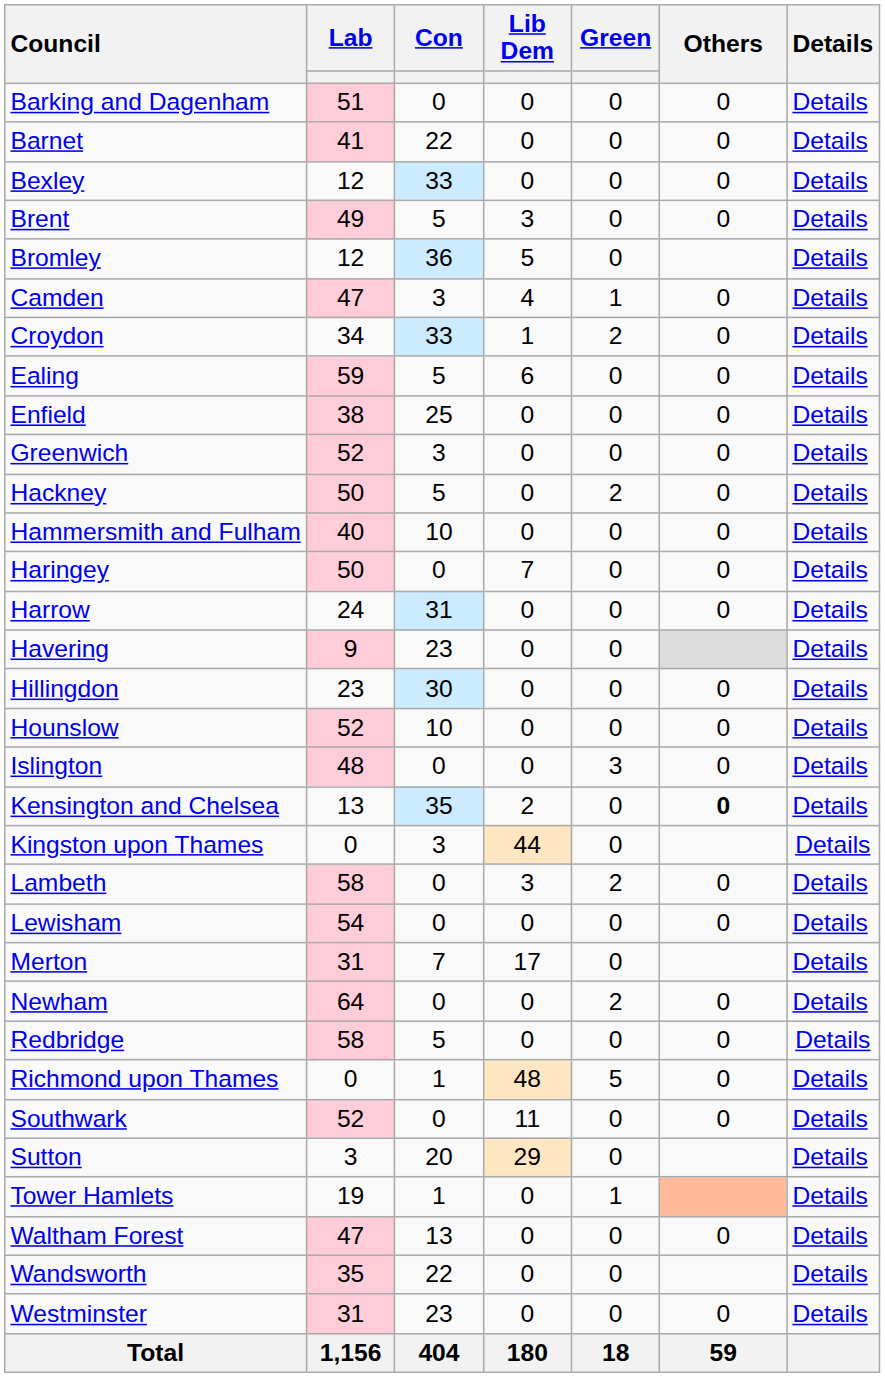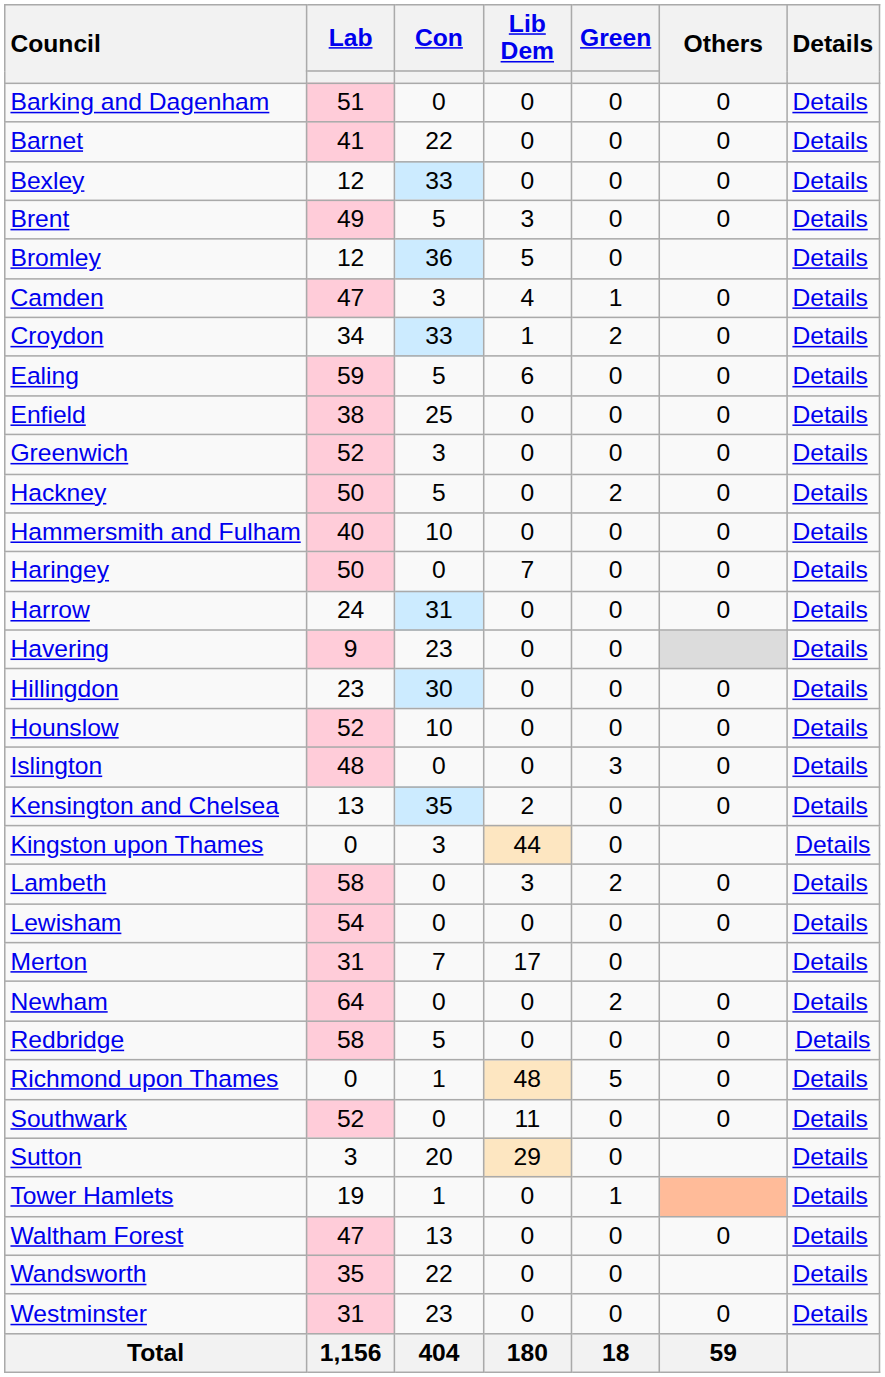 <table class="wikitable sortable" style="text-align:center;">
 <tr>
 <th rowspan="2" style="text-align:left;">Council</th>
 <th class="unsortable" style="width:50px;"><a href='#'>Lab</a></th>
 <th class="unsortable" style="width:50px;"><a href='#'>Con</a></th>
 <th class="unsortable" style="width:50px;"><a href='#'>Lib Dem</a></th>
 <th class="unsortable" style="width:50px;"><a href='#'>Green</a></th>
 <th rowspan="2" class="unsortable" style="width:75px;">Others</th>
 <th rowspan="2" style="text-align:left;">Details</th>
 </tr>
 <tr>
 <th data-sort-type="number" style="background:"></th>
 <th data-sort-type="number" style="background:"></th>
 <th data-sort-type="number" style="background:"></th>
 <th data-sort-type="number" style="background:"></th>
 </tr>
 <tr>
 <td style="text-align:left;"><a href='#'>Barking and Dagenham</a></td>
 <td style = "background:#FFCCD9;">51</td>
 <td>0</td>
 <td>0</td>
 <td>0</td>
 <td>0</td>
 <td style="text-align:left;"><a href='#'>Details</a></td>
 </tr>
 <tr>
 <td style="text-align:left;"><a href='#'>Barnet</a></td>
 <td style = "background:#FFCCD9;">41</td>
 <td>22</td>
 <td>0</td>
 <td>0</td>
 <td>0</td>
 <td style="text-align:left;"><a href='#'>Details</a></td>
 </tr>
 <tr>
 <td style="text-align:left;"><a href='#'>Bexley</a></td>
 <td>12</td>
 <td style = "background:#CCEBFF;">33</td>
 <td>0</td>
 <td>0</td>
 <td>0</td>
 <td style="text-align:left;"><a href='#'>Details</a></td>
 </tr>
 <tr>
 <td style="text-align:left;"><a href='#'>Brent</a></td>
 <td style = "background:#FFCCD9;">49</td>
 <td>5</td>
 <td>3</td>
 <td>0</td>
 <td>0</td>
 <td style="text-align:left;"><a href='#'>Details</a></td>
 </tr>
 <tr>
 <td style="text-align:left;"><a href='#'>Bromley</a></td>
 <td>12</td>
 <td style = "background:#CCEBFF;">36</td>
 <td>5</td>
 <td>0</td>
 <td></td>
 <td style="text-align:left;"><a href='#'>Details</a></td>
 </tr>
 <tr>
 <td style="text-align:left;"><a href='#'>Camden</a></td>
 <td style = "background:#FFCCD9;">47</td>
 <td>3</td>
 <td>4</td>
 <td>1</td>
 <td>0</td>
 <td style="text-align:left;"><a href='#'>Details</a></td>
 </tr>
 <tr>
 <td style="text-align:left;"><a href='#'>Croydon</a></td>
 <td>34</td>
 <td style = "background:#CCEBFF;">33</td>
 <td>1</td>
 <td>2</td>
 <td>0</td>
 <td style="text-align:left;"><a href='#'>Details</a></td>
 </tr>
 <tr>
 <td style="text-align:left;"><a href='#'>Ealing</a></td>
 <td style = "background:#FFCCD9;">59</td>
 <td>5</td>
 <td>6</td>
 <td>0</td>
 <td>0</td>
 <td style="text-align:left;"><a href='#'>Details</a></td>
 </tr>
 <tr>
 <td style="text-align:left;"><a href='#'>Enfield</a></td>
 <td style = "background:#FFCCD9;">38</td>
 <td>25</td>
 <td>0</td>
 <td>0</td>
 <td>0</td>
 <td style="text-align:left;"><a href='#'>Details</a></td>
 </tr>
 <tr>
 <td style="text-align:left;"><a href='#'>Greenwich</a></td>
 <td style = "background:#FFCCD9;">52</td>
 <td>3</td>
 <td>0</td>
 <td>0</td>
 <td>0</td>
 <td style="text-align:left;"><a href='#'>Details</a></td>
 </tr>
 <tr>
 <td style="text-align:left;"><a href='#'>Hackney</a></td>
 <td style = "background:#FFCCD9;">50</td>
 <td>5</td>
 <td>0</td>
 <td>2</td>
 <td>0</td>
 <td style="text-align:left;"><a href='#'>Details</a></td>
 </tr>
 <tr>
 <td style="text-align:left;"><a href='#'>Hammersmith and Fulham</a></td>
 <td style = "background:#FFCCD9;">40</td>
 <td>10</td>
 <td>0</td>
 <td>0</td>
 <td>0</td>
 <td style="text-align:left;"><a href='#'>Details</a></td>
 </tr>
 <tr>
 <td style="text-align:left;"><a href='#'>Haringey</a></td>
 <td style = "background:#FFCCD9;">50</td>
 <td>0</td>
 <td>7</td>
 <td>0</td>
 <td>0</td>
 <td style="text-align:left;"><a href='#'>Details</a></td>
 </tr>
 <tr>
 <td style="text-align:left;"><a href='#'>Harrow</a></td>
 <td>24</td>
 <td style = "background:#CCEBFF;">31</td>
 <td>0</td>
 <td>0</td>
 <td>0</td>
 <td style="text-align:left;"><a href='#'>Details</a></td>
 </tr>
 <tr>
 <td style="text-align:left;"><a href='#'>Havering</a></td>
 <td style = "background:#FFCCD9;">9</td>
 <td>23</td>
 <td>0</td>
 <td>0</td>
 <td style = "background:#DCDCDC;"></td>
 <td style="text-align:left;"><a href='#'>Details</a></td>
 </tr>
 <tr>
 <td style="text-align:left;"><a href='#'>Hillingdon</a></td>
 <td>23</td>
 <td style = "background:#CCEBFF;">30</td>
 <td>0</td>
 <td>0</td>
 <td>0</td>
 <td style="text-align:left;"><a href='#'>Details</a></td>
 </tr>
 <tr>
 <td style="text-align:left;"><a href='#'>Hounslow</a></td>
 <td style = "background:#FFCCD9;">52</td>
 <td>10</td>
 <td>0</td>
 <td>0</td>
 <td>0</td>
 <td style="text-align:left;"><a href='#'>Details</a></td>
 </tr>
 <tr>
 <td style="text-align:left;"><a href='#'>Islington</a></td>
 <td style = "background:#FFCCD9;">48</td>
 <td>0</td>
 <td>0</td>
 <td>3</td>
 <td>0</td>
 <td style="text-align:left;"><a href='#'>Details</a></td>
 </tr>
 <tr>
 <td style="text-align:left;"><a href='#'>Kensington and Chelsea</a></td>
 <td>13</td>
 <td style = "background:#CCEBFF;">35</td>
 <td>2</td>
 <td>0</td>
-<td><strong>0</strong></td>
+<td>0</td>
 <td style="text-align:left;"><a href='#'>Details</a></td>
 </tr>
 <tr>
 <td style="text-align:left;"><a href='#'>Kingston upon Thames</a></td>
 <td>0</td>
 <td>3</td>
 <td style = "background:#FDE6C1;">44</td>
 <td>0</td>
 <td></td>
 <td><a href='#'>Details</a></td>
 </tr>
 <tr>
 <td style="text-align:left;"><a href='#'>Lambeth</a></td>
 <td style = "background:#FFCCD9;">58</td>
 <td>0</td>
 <td>3</td>
 <td>2</td>
 <td>0</td>
 <td style="text-align:left;"><a href='#'>Details</a></td>
 </tr>
 <tr>
 <td style="text-align:left;"><a href='#'>Lewisham</a></td>
 <td style = "background:#FFCCD9;">54</td>
 <td>0</td>
 <td>0</td>
 <td>0</td>
 <td>0</td>
 <td style="text-align:left;"><a href='#'>Details</a></td>
 </tr>
 <tr>
 <td style="text-align:left;"><a href='#'>Merton</a></td>
 <td style = "background:#FFCCD9;">31</td>
 <td>7</td>
 <td>17</td>
 <td>0</td>
 <td></td>
 <td style="text-align:left;"><a href='#'>Details</a></td>
 </tr>
 <tr>
 <td style="text-align:left;"><a href='#'>Newham</a></td>
 <td style = "background:#FFCCD9;">64</td>
 <td>0</td>
 <td>0</td>
 <td>2</td>
 <td>0</td>
 <td style="text-align:left;"><a href='#'>Details</a></td>
 </tr>
 <tr>
 <td style="text-align:left;"><a href='#'>Redbridge</a></td>
 <td style = "background:#FFCCD9;">58</td>
 <td>5</td>
 <td>0</td>
 <td>0</td>
 <td>0</td>
 <td><a href='#'>Details</a></td>
 </tr>
 <tr>
 <td style="text-align:left;"><a href='#'>Richmond upon Thames</a></td>
 <td>0</td>
 <td>1</td>
 <td style = "background:#FDE6C1;">48</td>
 <td>5</td>
 <td>0</td>
 <td style="text-align:left;"><a href='#'>Details</a></td>
 </tr>
 <tr>
 <td style="text-align:left;"><a href='#'>Southwark</a></td>
 <td style = "background:#FFCCD9;">52</td>
 <td>0</td>
 <td>11</td>
 <td>0</td>
 <td>0</td>
 <td style="text-align:left;"><a href='#'>Details</a></td>
 </tr>
 <tr>
 <td style="text-align:left;"><a href='#'>Sutton</a></td>
 <td>3</td>
 <td>20</td>
 <td style = "background:#FDE6C1;">29</td>
 <td>0</td>
 <td></td>
 <td style="text-align:left;"><a href='#'>Details</a></td>
 </tr>
 <tr>
 <td style="text-align:left;"><a href='#'>Tower Hamlets</a></td>
 <td>19</td>
 <td>1</td>
 <td>0</td>
 <td>1</td>
 <td style = "background:#ffbb99;"></td>
 <td style="text-align:left;"><a href='#'>Details</a></td>
 </tr>
 <tr>
 <td style="text-align:left;"><a href='#'>Waltham Forest</a></td>
 <td style = "background:#FFCCD9;">47</td>
 <td>13</td>
 <td>0</td>
 <td>0</td>
 <td>0</td>
 <td style="text-align:left;"><a href='#'>Details</a></td>
 </tr>
 <tr>
 <td style="text-align:left;"><a href='#'>Wandsworth</a></td>
 <td style = "background:#FFCCD9;">35</td>
 <td>22</td>
 <td>0</td>
 <td>0</td>
 <td></td>
 <td style="text-align:left;"><a href='#'>Details</a></td>
 </tr>
 <tr>
 <td style="text-align:left;"><a href='#'>Westminster</a></td>
 <td style = "background:#FFCCD9;">31</td>
 <td>23</td>
 <td>0</td>
 <td>0</td>
 <td>0</td>
 <td style="text-align:left;"><a href='#'>Details</a></td>
 </tr>
 <tr>
 <th>Total</th>
 <th>1,156</th>
 <th>404</th>
 <th>180</th>
 <th>18</th>
 <th>59</th>
 <th></th>
 </tr>
 </table>
